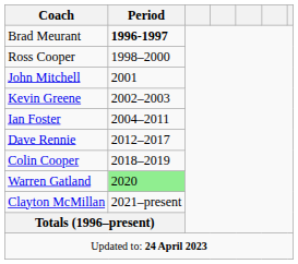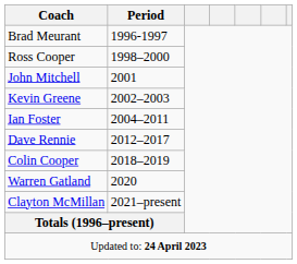 <table class="wikitable sortable">
 <tr>
 <th>Coach</th>
 <th>Period</th>
 <th style="width:1.5em;"></th>
 <th style="width:1.5em;"></th>
 <th style="width:1.5em;"></th>
 <th style="width:1.5em;"></th>
 <th></th>
 </tr>
 <tr>
 <td> Brad Meurant</td>
-<td><strong>1996-1997<br></strong></td>
+<td>1996-1997<br></td>
 </tr>
 <tr>
 <td> Ross Cooper</td>
 <td>1998–2000<br></td>
 </tr>
 <tr>
 <td> <a href='#'>John Mitchell</a></td>
 <td>2001<br></td>
 </tr>
 <tr>
 <td> <a href='#'>Kevin Greene</a></td>
 <td>2002–2003<br></td>
 </tr>
 <tr>
 <td> <a href='#'>Ian Foster</a></td>
 <td>2004–2011<br></td>
 </tr>
 <tr>
 <td> <a href='#'>Dave Rennie</a></td>
 <td>2012–2017<br></td>
 </tr>
 <tr>
 <td> <a href='#'>Colin Cooper</a></td>
 <td>2018–2019<br></td>
 </tr>
 <tr>
 <td> <a href='#'>Warren Gatland</a></td>
-<td style="background: lightgreen;">2020<br></td>
+<td>2020<br></td>
 </tr>
 <tr>
 <td> <a href='#'>Clayton McMillan</a></td>
 <td>2021–present<br></td>
 </tr>
 <tr>
 <th colspan=2>Totals (1996–present)<br></th>
 </tr>
 <tr align=center>
 <td colspan="100%" style="border-bottom:1px transparent; line-height:150%;"><small>Updated to: <strong>24 April 2023</strong></small><br></td>
 </tr>
 <tr>
 </tr>
 </table>
